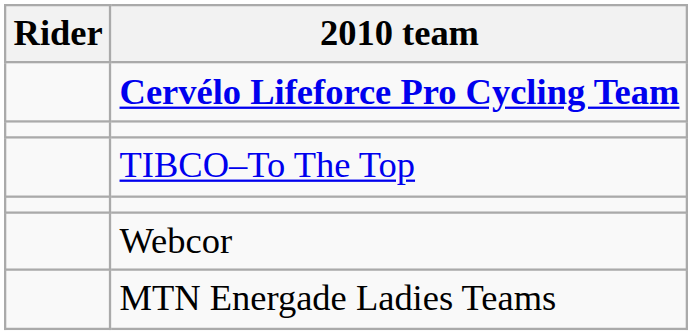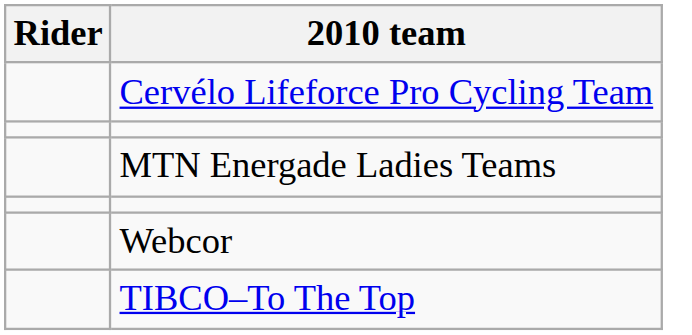 <table class="wikitable">
 <tr>
 <th>Rider</th>
 <th>2010 team</th>
 </tr>
 <tr>
 <td></td>
-<td><strong><a href='#'>Cervélo Lifeforce Pro Cycling Team</a></strong></td>
+<td><a href='#'>Cervélo Lifeforce Pro Cycling Team</a></td>
 </tr>
 <tr>
 <td></td>
 <td></td>
 </tr>
 <tr>
 <td></td>
-<td><a href='#'>TIBCO–To The Top</a></td>
+<td>MTN Energade Ladies Teams</td>
 </tr>
 <tr>
 <td></td>
 <td></td>
 </tr>
 <tr>
 <td></td>
 <td>Webcor</td>
 </tr>
 <tr>
 <td></td>
-<td>MTN Energade Ladies Teams</td>
+<td><a href='#'>TIBCO–To The Top</a></td>
 </tr>
 </table>
